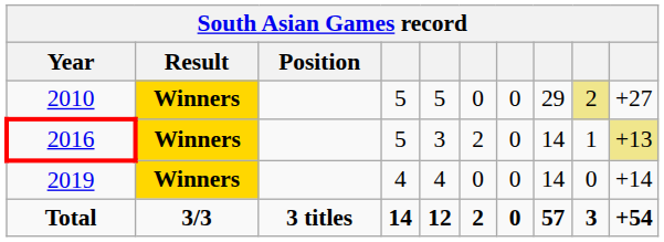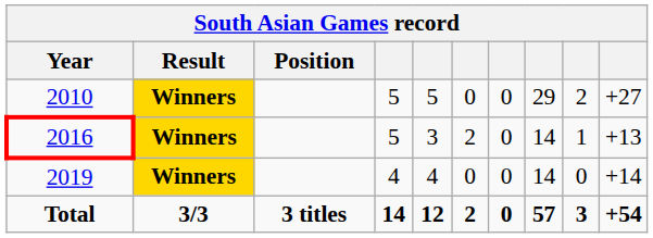 <table class="wikitable" style="text-align: center; width:50%;">
 <tr>
 <th colspan="10" #0000FF;><a href='#'>South Asian Games</a> record</th>
 </tr>
 <tr>
 <th style="width:90px;">Year</th>
 <th style="width:80px;">Result</th>
 <th style="width:80px;">Position</th>
 <th style="width:20px;"></th>
 <th style="width:20px;"></th>
 <th style="width:20px;"></th>
 <th style="width:20px;"></th>
 <th style="width:20px;"></th>
 <th style="width:20px;"></th>
 <th style="width:20px;"></th>
 </tr>
 <tr>
 <td> <a href='#'>2010</a></td>
 <td style="background:gold;"><strong>Winners</strong></td>
 <td></td>
 <td>5</td>
 <td>5</td>
 <td>0</td>
 <td>0</td>
 <td>29</td>
-<td style="background: khaki;">2</td>
+<td>2</td>
 <td>+27</td>
 </tr>
 <tr>
 <td style="border: 3px solid red"> <a href='#'>2016</a></td>
 <td style="background:gold;"><strong>Winners</strong></td>
 <td></td>
 <td>5</td>
 <td>3</td>
 <td>2</td>
 <td>0</td>
 <td>14</td>
 <td>1</td>
-<td style="background: khaki;">+13</td>
+<td>+13</td>
 </tr>
 <tr>
 <td> <a href='#'>2019</a></td>
 <td style="background:gold;"><strong>Winners</strong></td>
 <td></td>
 <td>4</td>
 <td>4</td>
 <td>0</td>
 <td>0</td>
 <td>14</td>
 <td>0</td>
 <td>+14</td>
 </tr>
 <tr>
 <td><strong>Total</strong></td>
 <td><strong>3/3</strong></td>
 <td><strong>3 titles</strong></td>
 <td><strong>14</strong></td>
 <td><strong>12</strong></td>
 <td><strong>2</strong></td>
 <td><strong>0</strong></td>
 <td><strong>57</strong></td>
 <td><strong>3</strong></td>
 <td><strong>+54</strong></td>
 </tr>
 </table>
